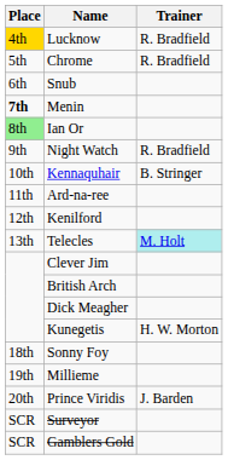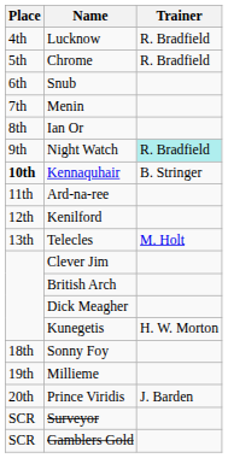 <table class="wikitable">
 <tr>
 <th>Place</th>
 <th>Name</th>
 <th>Trainer</th>
 </tr>
 <tr>
-<td style="background: gold;">4th</td>
+<td>4th</td>
 <td>Lucknow</td>
 <td>R. Bradfield</td>
 </tr>
 <tr>
 <td>5th</td>
 <td>Chrome</td>
 <td>R. Bradfield</td>
 </tr>
 <tr>
 <td>6th</td>
 <td>Snub</td>
 <td></td>
 </tr>
 <tr>
-<td><strong>7th</strong></td>
+<td>7th</td>
 <td>Menin</td>
 <td></td>
 </tr>
 <tr>
-<td style="background: lightgreen;">8th</td>
+<td>8th</td>
 <td>Ian Or</td>
 <td></td>
 </tr>
 <tr>
 <td>9th</td>
 <td>Night Watch</td>
-<td>R. Bradfield</td>
+<td style="background: paleturquoise;">R. Bradfield</td>
 </tr>
 <tr>
-<td>10th</td>
+<td><strong>10th</strong></td>
 <td><a href='#'>Kennaquhair</a></td>
 <td>B. Stringer</td>
 </tr>
 <tr>
 <td>11th</td>
 <td>Ard-na-ree</td>
 <td></td>
 </tr>
 <tr>
 <td>12th</td>
 <td>Kenilford</td>
 <td></td>
 </tr>
 <tr>
 <td>13th</td>
 <td>Telecles</td>
-<td style="background: paleturquoise;"><a href='#'>M. Holt</a></td>
+<td><a href='#'>M. Holt</a></td>
 </tr>
 <tr>
 <td rowspan="4"></td>
 <td>Clever Jim</td>
 <td></td>
 </tr>
 <tr>
 <td>British Arch</td>
 <td></td>
 </tr>
 <tr>
 <td>Dick Meagher</td>
 <td></td>
 </tr>
 <tr>
 <td>Kunegetis</td>
 <td>H. W. Morton</td>
 </tr>
 <tr>
 <td>18th</td>
 <td>Sonny Foy</td>
 <td></td>
 </tr>
 <tr>
 <td>19th</td>
 <td>Millieme</td>
 <td></td>
 </tr>
 <tr>
 <td>20th</td>
 <td>Prince Viridis</td>
 <td>J. Barden</td>
 </tr>
 <tr>
 <td>SCR</td>
 <td><s>Surveyor</s></td>
 <td></td>
 </tr>
 <tr>
 <td>SCR</td>
 <td><s>Gamblers Gold</s></td>
 <td></td>
 </tr>
 </table>
